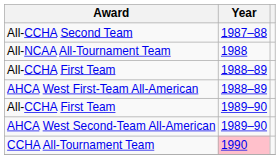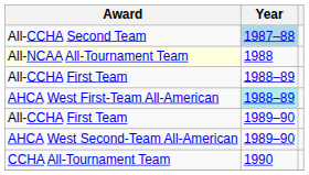 <table class="wikitable">
 <tr>
 <th>Award</th>
 <th>Year</th>
 <th></th>
 </tr>
 <tr>
 <td>All-<a href='#'>CCHA</a> <a href='#'>Second Team</a></td>
-<td><a href='#'>1987–88</a></td>
+<td style="background: lightblue;"><a href='#'>1987–88</a></td>
 <td></td>
 </tr>
 <tr>
-<td>All-<a href='#'>NCAA</a> <a href='#'>All-Tournament Team</a></td>
+<td style="background: lightyellow;">All-<a href='#'>NCAA</a> <a href='#'>All-Tournament Team</a></td>
 <td><a href='#'>1988</a></td>
 <td></td>
 </tr>
 <tr>
 <td>All-<a href='#'>CCHA</a> <a href='#'>First Team</a></td>
 <td><a href='#'>1988–89</a></td>
 <td></td>
 </tr>
 <tr>
 <td><a href='#'>AHCA</a> <a href='#'>West First-Team All-American</a></td>
-<td><a href='#'>1988–89</a></td>
+<td style="background: paleturquoise;"><a href='#'>1988–89</a></td>
 <td></td>
 </tr>
 <tr>
 <td>All-<a href='#'>CCHA</a> <a href='#'>First Team</a></td>
 <td><a href='#'>1989–90</a></td>
 <td></td>
 </tr>
 <tr>
 <td><a href='#'>AHCA</a> <a href='#'>West Second-Team All-American</a></td>
 <td><a href='#'>1989–90</a></td>
 <td></td>
 </tr>
 <tr>
 <td><a href='#'>CCHA</a> <a href='#'>All-Tournament Team</a></td>
-<td style="background: pink;"><a href='#'>1990</a></td>
+<td><a href='#'>1990</a></td>
 <td></td>
 </tr>
 <tr>
 </tr>
 </table>
